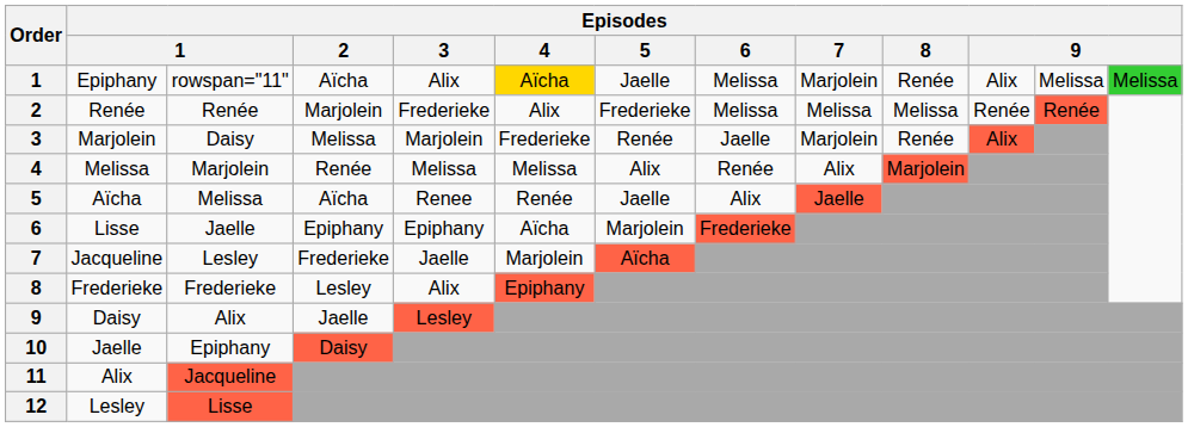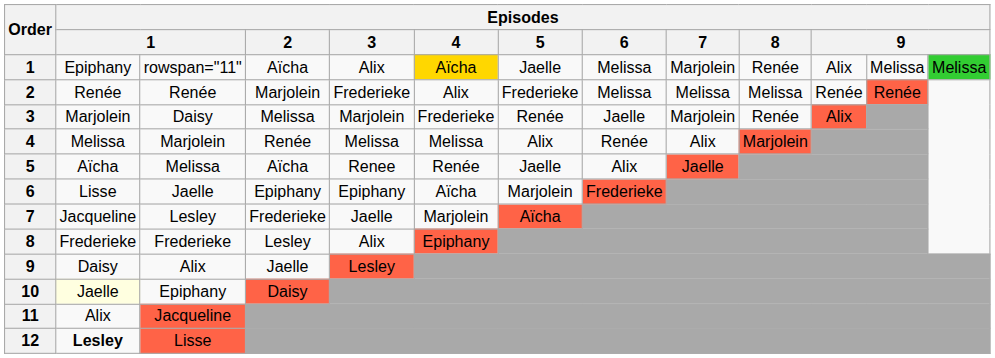 <table class="wikitable" style="text-align:center; font-size:92%">
 <tr>
 <th rowspan=2>Order</th>
 <th colspan="12">Episodes</th>
 </tr>
 <tr>
 <th colspan="2">1</th>
 <th>2</th>
 <th>3</th>
 <th>4</th>
 <th>5</th>
 <th>6</th>
 <th>7</th>
 <th>8</th>
 <th colspan="3">9</th>
 </tr>
 <tr>
 <th>1</th>
 <td>Epiphany</td>
 <td>rowspan="11" </td>
 <td>Aïcha</td>
 <td>Alix</td>
 <td bgcolor="gold">Aïcha</td>
 <td>Jaelle</td>
 <td>Melissa</td>
 <td>Marjolein</td>
 <td>Renée</td>
 <td>Alix</td>
 <td>Melissa</td>
 <td bgcolor="limegreen">Melissa</td>
 </tr>
 <tr>
 <th>2</th>
 <td>Renée</td>
 <td>Renée</td>
 <td>Marjolein</td>
 <td>Frederieke</td>
 <td>Alix</td>
 <td>Frederieke</td>
 <td>Melissa</td>
 <td>Melissa</td>
 <td>Melissa</td>
 <td>Renée</td>
 <td bgcolor="tomato">Renée</td>
 </tr>
 <tr>
 <th>3</th>
 <td>Marjolein</td>
 <td>Daisy</td>
 <td>Melissa</td>
 <td>Marjolein</td>
 <td>Frederieke</td>
 <td>Renée</td>
 <td>Jaelle</td>
 <td>Marjolein</td>
 <td>Renée</td>
 <td bgcolor="tomato">Alix</td>
 <td bgcolor="darkgray"></td>
 </tr>
 <tr>
 <th>4</th>
 <td>Melissa</td>
 <td>Marjolein</td>
 <td>Renée</td>
 <td>Melissa</td>
 <td>Melissa</td>
 <td>Alix</td>
 <td>Renée</td>
 <td>Alix</td>
 <td bgcolor="tomato">Marjolein</td>
 <td colspan="2" bgcolor="darkgray"></td>
 </tr>
 <tr>
 <th>5</th>
 <td>Aïcha</td>
 <td>Melissa</td>
 <td>Aïcha</td>
 <td>Renee</td>
 <td>Renée</td>
 <td>Jaelle</td>
 <td>Alix</td>
 <td bgcolor="tomato">Jaelle</td>
 <td colspan="3" bgcolor="darkgray"></td>
 </tr>
 <tr>
 <th>6</th>
 <td>Lisse</td>
 <td>Jaelle</td>
 <td>Epiphany</td>
 <td>Epiphany</td>
 <td>Aïcha</td>
 <td>Marjolein</td>
 <td bgcolor="tomato">Frederieke</td>
 <td colspan="4" bgcolor="darkgray"></td>
 </tr>
 <tr>
 <th>7</th>
 <td>Jacqueline</td>
 <td>Lesley</td>
 <td>Frederieke</td>
 <td>Jaelle</td>
 <td>Marjolein</td>
 <td bgcolor="tomato">Aïcha</td>
 <td colspan="5" bgcolor="darkgray"></td>
 </tr>
 <tr>
 <th>8</th>
 <td>Frederieke</td>
 <td>Frederieke</td>
 <td>Lesley</td>
 <td>Alix</td>
 <td bgcolor="tomato">Epiphany</td>
 <td colspan="6" bgcolor="darkgray"></td>
 </tr>
 <tr>
 <th>9</th>
 <td>Daisy</td>
 <td>Alix</td>
 <td>Jaelle</td>
 <td bgcolor="tomato">Lesley</td>
 <td colspan="8" bgcolor="darkgray"></td>
 </tr>
 <tr>
 <th>10</th>
-<td>Jaelle</td>
+<td style="background: lightyellow;">Jaelle</td>
 <td>Epiphany</td>
 <td bgcolor="tomato">Daisy</td>
 <td colspan="9" bgcolor="darkgray"></td>
 </tr>
 <tr>
 <th>11</th>
 <td>Alix</td>
 <td bgcolor="tomato">Jacqueline</td>
 <td colspan="10" bgcolor="darkgray"></td>
 </tr>
 <tr>
 <th>12</th>
-<td>Lesley</td>
+<td><strong>Lesley</strong></td>
 <td bgcolor="tomato">Lisse</td>
 <td colspan="11" bgcolor="darkgray"></td>
 </tr>
 </table>
